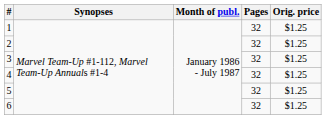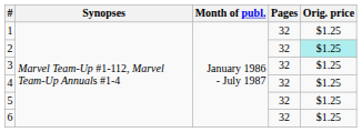 <table class="wikitable">
 <tr>
 <th>#</th>
 <th width="250">Synopses</th>
 <th>Month of <a href='#'>publ.</a></th>
 <th>Pages</th>
 <th>Orig. price</th>
 </tr>
 <tr align="center">
 <td>1</td>
 <td align="left" rowspan="6"><em>Marvel Team-Up</em> #1-112, <em>Marvel Team-Up Annual</em>s #1-4</td>
 <td align="right" rowspan="6">January 1986<br> - July 1987</td>
 <td>32</td>
 <td>$1.25</td>
 </tr>
 <tr align="center">
 <td>2</td>
 <td>32</td>
-<td>$1.25</td>
+<td style="background: paleturquoise;">$1.25</td>
 </tr>
 <tr align="center">
 <td>3</td>
 <td>32</td>
 <td>$1.25</td>
 </tr>
 <tr align="center">
 <td>4</td>
 <td>32</td>
 <td>$1.25</td>
 </tr>
 <tr align="center">
 <td>5</td>
 <td>32</td>
 <td>$1.25</td>
 </tr>
 <tr align="center">
 <td>6</td>
 <td>32</td>
 <td>$1.25</td>
 </tr>
 </table>
